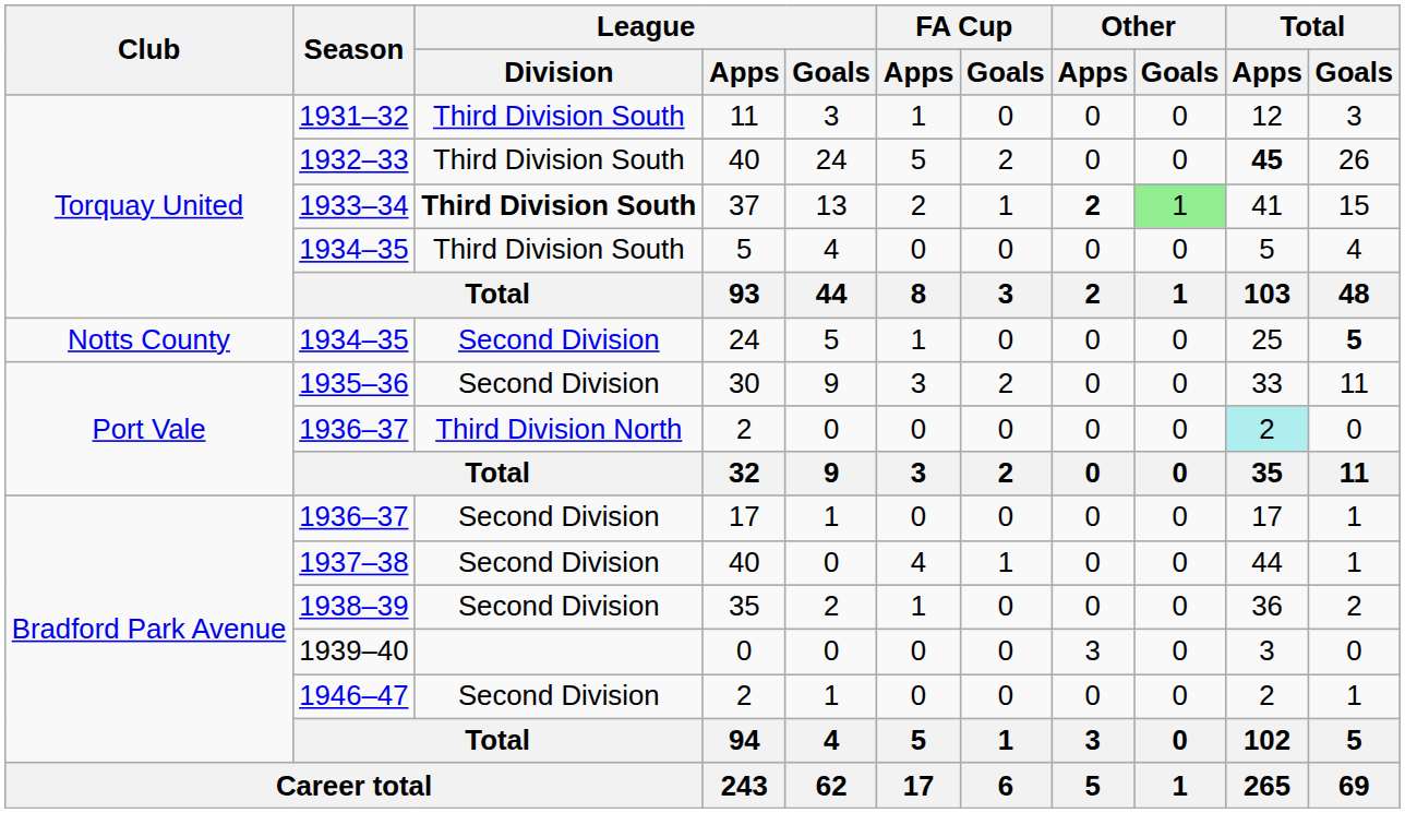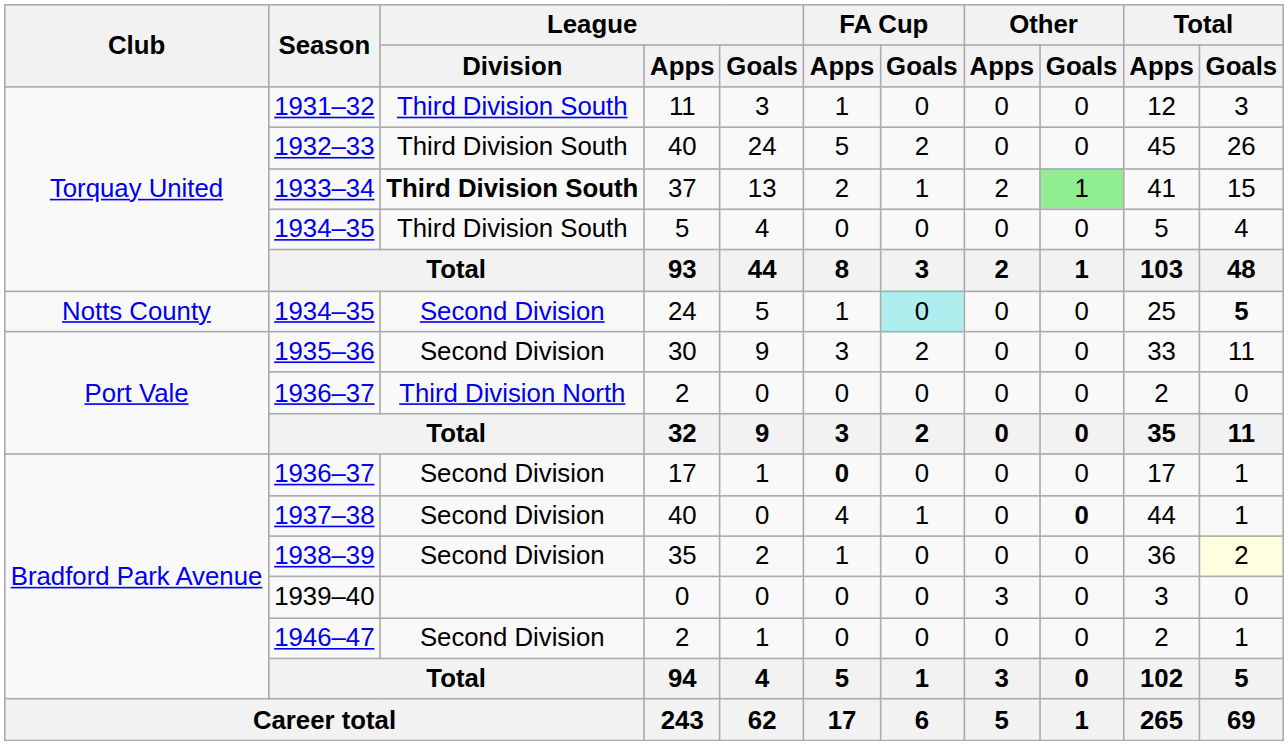 <table class="wikitable" style="text-align: center;">
 <tr>
 <th rowspan="2">Club</th>
 <th rowspan="2">Season</th>
 <th colspan="3">League</th>
 <th colspan="2">FA Cup</th>
 <th colspan="2">Other</th>
 <th colspan="2">Total</th>
 </tr>
 <tr>
 <th>Division</th>
 <th>Apps</th>
 <th>Goals</th>
 <th>Apps</th>
 <th>Goals</th>
 <th>Apps</th>
 <th>Goals</th>
 <th>Apps</th>
 <th>Goals</th>
 </tr>
 <tr>
 <td rowspan="5"><a href='#'>Torquay United</a></td>
 <td><a href='#'>1931–32</a></td>
 <td><a href='#'>Third Division South</a></td>
 <td>11</td>
 <td>3</td>
 <td>1</td>
 <td>0</td>
 <td>0</td>
 <td>0</td>
 <td>12</td>
 <td>3</td>
 </tr>
 <tr>
 <td><a href='#'>1932–33</a></td>
 <td>Third Division South</td>
 <td>40</td>
 <td>24</td>
 <td>5</td>
 <td>2</td>
 <td>0</td>
 <td>0</td>
-<td><strong>45</strong></td>
+<td>45</td>
 <td>26</td>
 </tr>
 <tr>
 <td><a href='#'>1933–34</a></td>
 <td><strong>Third Division South</strong></td>
 <td>37</td>
 <td>13</td>
 <td>2</td>
 <td>1</td>
-<td><strong>2</strong></td>
+<td>2</td>
 <td style="background: lightgreen;">1</td>
 <td>41</td>
 <td>15</td>
 </tr>
 <tr>
 <td><a href='#'>1934–35</a></td>
 <td>Third Division South</td>
 <td>5</td>
 <td>4</td>
 <td>0</td>
 <td>0</td>
 <td>0</td>
 <td>0</td>
 <td>5</td>
 <td>4</td>
 </tr>
 <tr>
 <th colspan="2">Total</th>
 <th>93</th>
 <th>44</th>
 <th>8</th>
 <th>3</th>
 <th>2</th>
 <th>1</th>
 <th>103</th>
 <th>48</th>
 </tr>
 <tr>
 <td><a href='#'>Notts County</a></td>
 <td><a href='#'>1934–35</a></td>
 <td><a href='#'>Second Division</a></td>
 <td>24</td>
 <td>5</td>
 <td>1</td>
-<td>0</td>
+<td style="background: paleturquoise;">0</td>
 <td>0</td>
 <td>0</td>
 <td>25</td>
 <td><strong>5</strong></td>
 </tr>
 <tr>
 <td rowspan="3"><a href='#'>Port Vale</a></td>
 <td><a href='#'>1935–36</a></td>
 <td>Second Division</td>
 <td>30</td>
 <td>9</td>
 <td>3</td>
 <td>2</td>
 <td>0</td>
 <td>0</td>
 <td>33</td>
 <td>11</td>
 </tr>
 <tr>
 <td><a href='#'>1936–37</a></td>
 <td><a href='#'>Third Division North</a></td>
 <td>2</td>
 <td>0</td>
 <td>0</td>
 <td>0</td>
 <td>0</td>
 <td>0</td>
-<td style="background: paleturquoise;">2</td>
+<td>2</td>
 <td>0</td>
 </tr>
 <tr>
 <th colspan="2">Total</th>
 <th>32</th>
 <th>9</th>
 <th>3</th>
 <th>2</th>
 <th>0</th>
 <th>0</th>
 <th>35</th>
 <th>11</th>
 </tr>
 <tr>
 <td rowspan="6"><a href='#'>Bradford Park Avenue</a></td>
 <td><a href='#'>1936–37</a></td>
 <td>Second Division</td>
 <td>17</td>
 <td>1</td>
-<td>0</td>
+<td><strong>0</strong></td>
 <td>0</td>
 <td>0</td>
 <td>0</td>
 <td>17</td>
 <td>1</td>
 </tr>
 <tr>
 <td><a href='#'>1937–38</a></td>
 <td>Second Division</td>
 <td>40</td>
 <td>0</td>
 <td>4</td>
 <td>1</td>
 <td>0</td>
-<td>0</td>
+<td><strong>0</strong></td>
 <td>44</td>
 <td>1</td>
 </tr>
 <tr>
 <td><a href='#'>1938–39</a></td>
 <td>Second Division</td>
 <td>35</td>
 <td>2</td>
 <td>1</td>
 <td>0</td>
 <td>0</td>
 <td>0</td>
 <td>36</td>
-<td>2</td>
+<td style="background: lightyellow;">2</td>
 </tr>
 <tr>
 <td>1939–40</td>
 <td></td>
 <td>0</td>
 <td>0</td>
 <td>0</td>
 <td>0</td>
 <td>3</td>
 <td>0</td>
 <td>3</td>
 <td>0</td>
 </tr>
 <tr>
 <td><a href='#'>1946–47</a></td>
 <td>Second Division</td>
 <td>2</td>
 <td>1</td>
 <td>0</td>
 <td>0</td>
 <td>0</td>
 <td>0</td>
 <td>2</td>
 <td>1</td>
 </tr>
 <tr>
 <th colspan="2">Total</th>
 <th>94</th>
 <th>4</th>
 <th>5</th>
 <th>1</th>
 <th>3</th>
 <th>0</th>
 <th>102</th>
 <th>5</th>
 </tr>
 <tr>
 <th colspan="3">Career total</th>
 <th>243</th>
 <th>62</th>
 <th>17</th>
 <th>6</th>
 <th>5</th>
 <th>1</th>
 <th>265</th>
 <th>69</th>
 </tr>
 </table>
